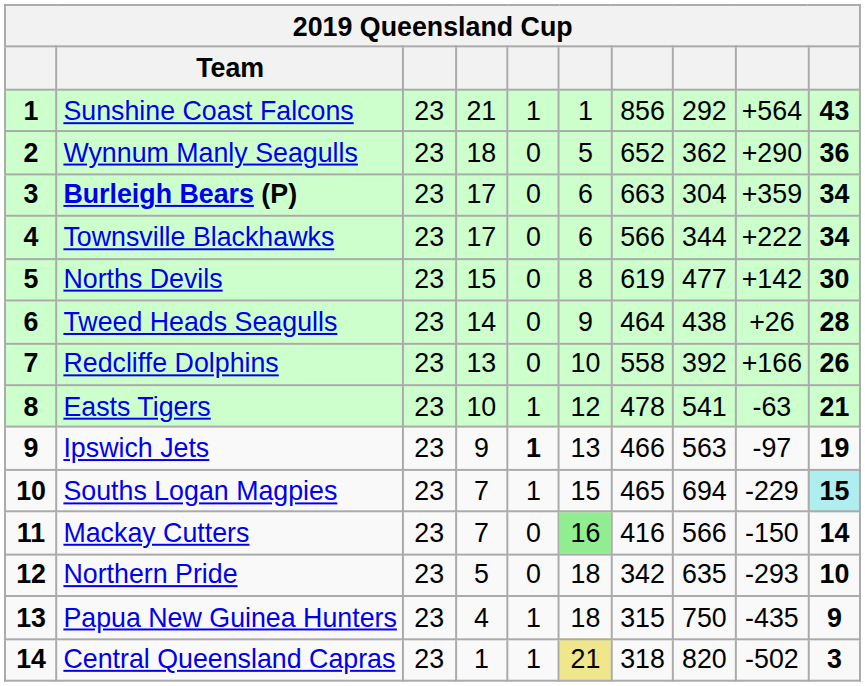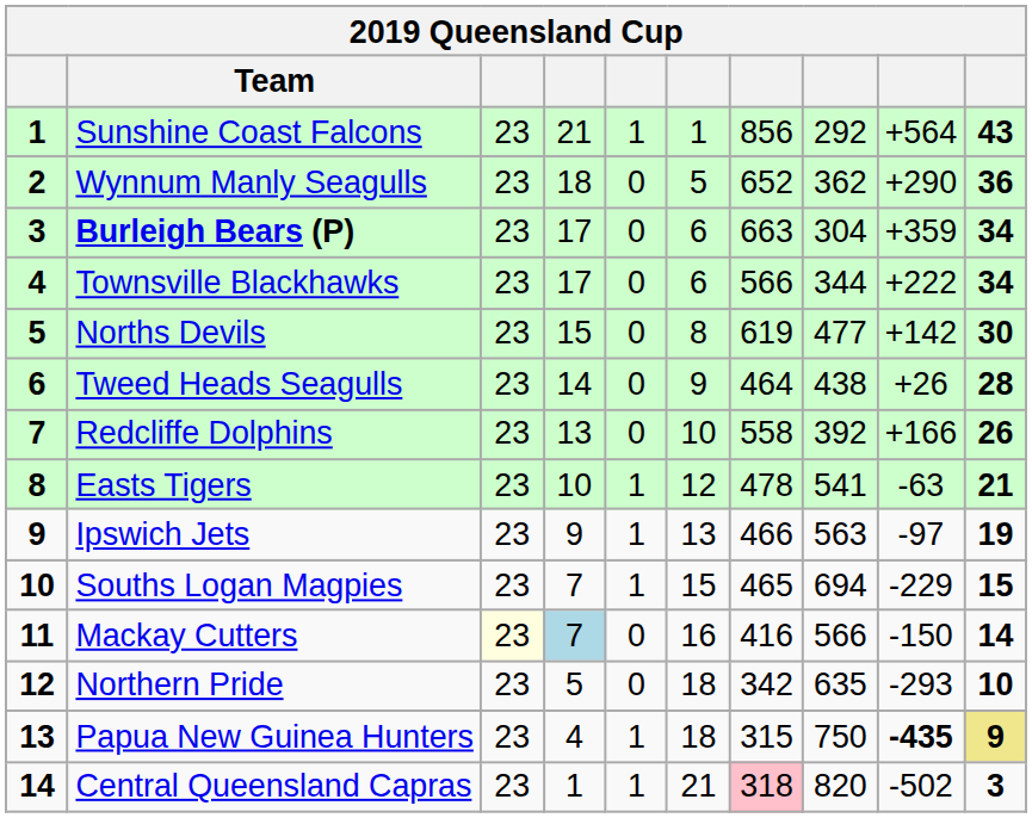 <table class="wikitable" style="text-align:center; font-size:85%;">
 <tr>
 <th colspan="11">2019 Queensland Cup</th>
 </tr>
 <tr>
 <th width="20"></th>
 <th>Team</th>
 <th width="20"></th>
 <th width="20"></th>
 <th width="20"></th>
 <th width="20"></th>
 <th width="25"></th>
 <th width="25"></th>
 <th width="30"></th>
 <th width="20"></th>
 </tr>
 <tr style="background: #ccffcc;">
 <td><strong>1</strong></td>
 <td style="text-align:left;"> <a href='#'>Sunshine Coast Falcons</a></td>
 <td>23</td>
 <td>21</td>
 <td>1</td>
 <td>1</td>
 <td>856</td>
 <td>292</td>
 <td>+564</td>
 <td><strong>43</strong></td>
 </tr>
 <tr style="background: #ccffcc;">
 <td><strong>2</strong></td>
 <td style="text-align:left;"> <a href='#'>Wynnum Manly Seagulls</a></td>
 <td>23</td>
 <td>18</td>
 <td>0</td>
 <td>5</td>
 <td>652</td>
 <td>362</td>
 <td>+290</td>
 <td><strong>36</strong></td>
 </tr>
 <tr style="background: #ccffcc;">
 <td><strong>3</strong></td>
 <td style="text-align:left;"> <strong><a href='#'>Burleigh Bears</a> (P)</strong></td>
 <td>23</td>
 <td>17</td>
 <td>0</td>
 <td>6</td>
 <td>663</td>
 <td>304</td>
 <td>+359</td>
 <td><strong>34</strong></td>
 </tr>
 <tr style="background: #ccffcc;">
 <td><strong>4</strong></td>
 <td style="text-align:left;"> <a href='#'>Townsville Blackhawks</a></td>
 <td>23</td>
 <td>17</td>
 <td>0</td>
 <td>6</td>
 <td>566</td>
 <td>344</td>
 <td>+222</td>
 <td><strong>34</strong></td>
 </tr>
 <tr style="background: #ccffcc;">
 <td><strong>5</strong></td>
 <td style="text-align:left;"> <a href='#'>Norths Devils</a></td>
 <td>23</td>
 <td>15</td>
 <td>0</td>
 <td>8</td>
 <td>619</td>
 <td>477</td>
 <td>+142</td>
 <td><strong>30</strong></td>
 </tr>
 <tr style="background: #ccffcc;">
 <td><strong>6</strong></td>
 <td style="text-align:left;"> <a href='#'>Tweed Heads Seagulls</a></td>
 <td>23</td>
 <td>14</td>
 <td>0</td>
 <td>9</td>
 <td>464</td>
 <td>438</td>
 <td>+26</td>
 <td><strong>28</strong></td>
 </tr>
 <tr style="background: #ccffcc;">
 <td><strong>7</strong></td>
 <td style="text-align:left;"> <a href='#'>Redcliffe Dolphins</a></td>
 <td>23</td>
 <td>13</td>
 <td>0</td>
 <td>10</td>
 <td>558</td>
 <td>392</td>
 <td>+166</td>
 <td><strong>26</strong></td>
 </tr>
 <tr style="background: #ccffcc;">
 <td><strong>8</strong></td>
 <td style="text-align:left;"> <a href='#'>Easts Tigers</a></td>
 <td>23</td>
 <td>10</td>
 <td>1</td>
 <td>12</td>
 <td>478</td>
 <td>541</td>
 <td>-63</td>
 <td><strong>21</strong></td>
 </tr>
 <tr>
 <td><strong>9</strong></td>
 <td style="text-align:left;"> <a href='#'>Ipswich Jets</a></td>
 <td>23</td>
 <td>9</td>
-<td><strong>1</strong></td>
+<td>1</td>
 <td>13</td>
 <td>466</td>
 <td>563</td>
 <td>-97</td>
 <td><strong>19</strong></td>
 </tr>
 <tr>
 <td><strong>10</strong></td>
 <td style="text-align:left;"> <a href='#'>Souths Logan Magpies</a></td>
 <td>23</td>
 <td>7</td>
 <td>1</td>
 <td>15</td>
 <td>465</td>
 <td>694</td>
 <td>-229</td>
-<td style="background: paleturquoise;"><strong>15</strong></td>
+<td><strong>15</strong></td>
 </tr>
 <tr>
 <td><strong>11</strong></td>
 <td style="text-align:left;"> <a href='#'>Mackay Cutters</a></td>
-<td>23</td>
-<td>7</td>
+<td style="background: lightyellow;">23</td>
+<td style="background: lightblue;">7</td>
 <td>0</td>
-<td style="background: lightgreen;">16</td>
+<td>16</td>
 <td>416</td>
 <td>566</td>
 <td>-150</td>
 <td><strong>14</strong></td>
 </tr>
 <tr>
 <td><strong>12</strong></td>
 <td style="text-align:left;"> <a href='#'>Northern Pride</a></td>
 <td>23</td>
 <td>5</td>
 <td>0</td>
 <td>18</td>
 <td>342</td>
 <td>635</td>
 <td>-293</td>
 <td><strong>10</strong></td>
 </tr>
 <tr>
 <td><strong>13</strong></td>
 <td style="text-align:left;"> <a href='#'>Papua New Guinea Hunters</a></td>
 <td>23</td>
 <td>4</td>
 <td>1</td>
 <td>18</td>
 <td>315</td>
 <td>750</td>
-<td>-435</td>
-<td><strong>9</strong></td>
+<td><strong>-435</strong></td>
+<td style="background: khaki;"><strong>9</strong></td>
 </tr>
 <tr>
 <td><strong>14</strong></td>
 <td style="text-align:left;"> <a href='#'>Central Queensland Capras</a></td>
 <td>23</td>
 <td>1</td>
 <td>1</td>
-<td style="background: khaki;">21</td>
-<td>318</td>
+<td>21</td>
+<td style="background: pink;">318</td>
 <td>820</td>
 <td>-502</td>
 <td><strong>3</strong></td>
 </tr>
 </table>
